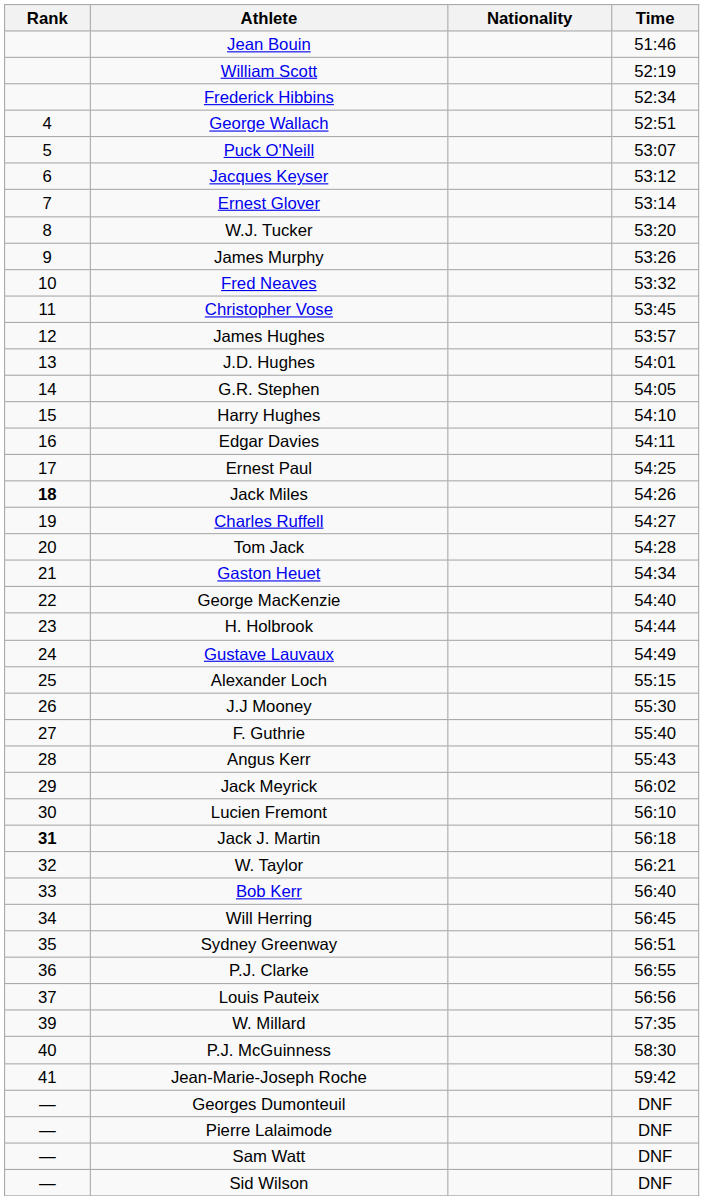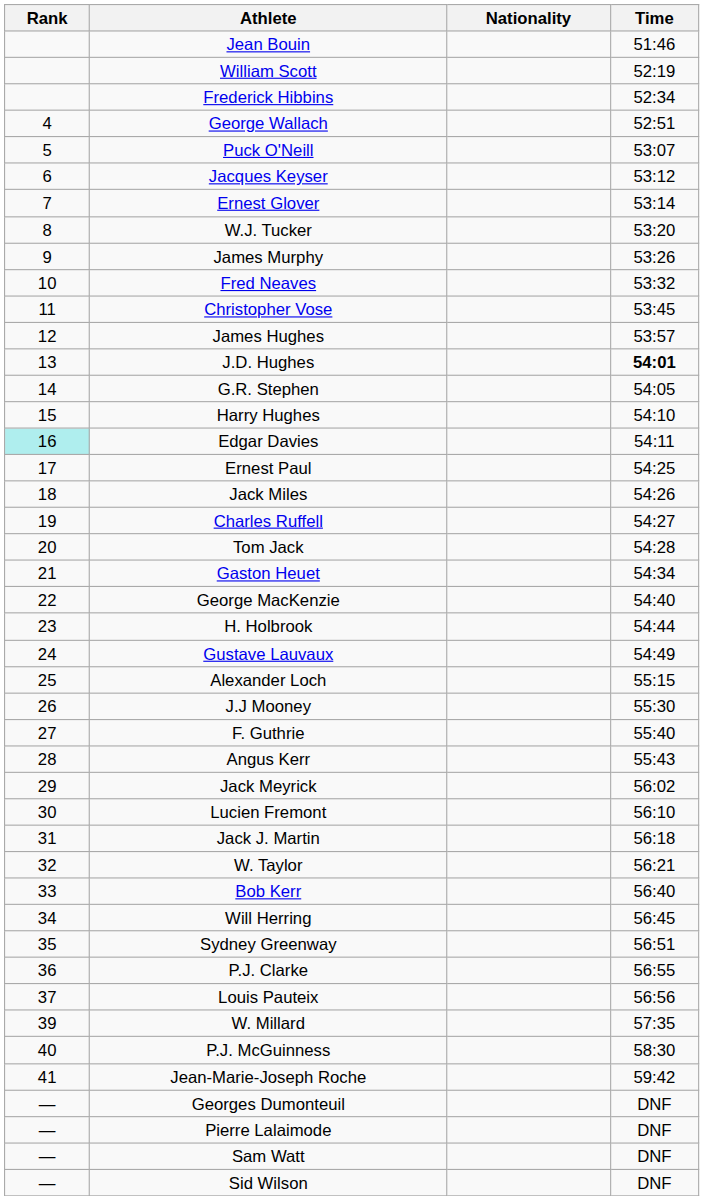 <table class="wikitable sortable" style=" text-align:center; font-size:95%;" width="50%">
 <tr>
 <th>Rank</th>
 <th>Athlete</th>
 <th>Nationality</th>
 <th>Time</th>
 </tr>
 <tr>
 <td align=center></td>
 <td><a href='#'>Jean Bouin</a></td>
 <td></td>
 <td>51:46</td>
 </tr>
 <tr>
 <td align=center></td>
 <td><a href='#'>William Scott</a></td>
 <td></td>
 <td>52:19</td>
 </tr>
 <tr>
 <td align=center></td>
 <td><a href='#'>Frederick Hibbins</a></td>
 <td></td>
 <td>52:34</td>
 </tr>
 <tr>
 <td align=center>4</td>
 <td><a href='#'>George Wallach</a></td>
 <td></td>
 <td>52:51</td>
 </tr>
 <tr>
 <td align=center>5</td>
 <td><a href='#'>Puck O'Neill</a></td>
 <td></td>
 <td>53:07</td>
 </tr>
 <tr>
 <td align=center>6</td>
 <td><a href='#'>Jacques Keyser</a></td>
 <td></td>
 <td>53:12</td>
 </tr>
 <tr>
 <td align=center>7</td>
 <td><a href='#'>Ernest Glover</a></td>
 <td></td>
 <td>53:14</td>
 </tr>
 <tr>
 <td align=center>8</td>
 <td>W.J. Tucker</td>
 <td></td>
 <td>53:20</td>
 </tr>
 <tr>
 <td align=center>9</td>
 <td>James Murphy</td>
 <td></td>
 <td>53:26</td>
 </tr>
 <tr>
 <td align=center>10</td>
 <td><a href='#'>Fred Neaves</a></td>
 <td></td>
 <td>53:32</td>
 </tr>
 <tr>
 <td align=center>11</td>
 <td><a href='#'>Christopher Vose</a></td>
 <td></td>
 <td>53:45</td>
 </tr>
 <tr>
 <td align=center>12</td>
 <td>James Hughes</td>
 <td></td>
 <td>53:57</td>
 </tr>
 <tr>
 <td align=center>13</td>
 <td>J.D. Hughes</td>
 <td></td>
-<td>54:01</td>
+<td><strong>54:01</strong></td>
 </tr>
 <tr>
 <td align=center>14</td>
 <td>G.R. Stephen</td>
 <td></td>
 <td>54:05</td>
 </tr>
 <tr>
 <td align=center>15</td>
 <td>Harry Hughes</td>
 <td></td>
 <td>54:10</td>
 </tr>
 <tr>
-<td align=center>16</td>
+<td align=center style="background: paleturquoise;">16</td>
 <td>Edgar Davies</td>
 <td></td>
 <td>54:11</td>
 </tr>
 <tr>
 <td align=center>17</td>
 <td>Ernest Paul</td>
 <td></td>
 <td>54:25</td>
 </tr>
 <tr>
-<td align=center><strong>18</strong></td>
+<td align=center>18</td>
 <td>Jack Miles</td>
 <td></td>
 <td>54:26</td>
 </tr>
 <tr>
 <td align=center>19</td>
 <td><a href='#'>Charles Ruffell</a></td>
 <td></td>
 <td>54:27</td>
 </tr>
 <tr>
 <td align=center>20</td>
 <td>Tom Jack</td>
 <td></td>
 <td>54:28</td>
 </tr>
 <tr>
 <td align=center>21</td>
 <td><a href='#'>Gaston Heuet</a></td>
 <td></td>
 <td>54:34</td>
 </tr>
 <tr>
 <td align=center>22</td>
 <td>George MacKenzie</td>
 <td></td>
 <td>54:40</td>
 </tr>
 <tr>
 <td align=center>23</td>
 <td>H. Holbrook</td>
 <td></td>
 <td>54:44</td>
 </tr>
 <tr>
 <td align=center>24</td>
 <td><a href='#'>Gustave Lauvaux</a></td>
 <td></td>
 <td>54:49</td>
 </tr>
 <tr>
 <td align=center>25</td>
 <td>Alexander Loch</td>
 <td></td>
 <td>55:15</td>
 </tr>
 <tr>
 <td align=center>26</td>
 <td>J.J Mooney</td>
 <td></td>
 <td>55:30</td>
 </tr>
 <tr>
 <td align=center>27</td>
 <td>F. Guthrie</td>
 <td></td>
 <td>55:40</td>
 </tr>
 <tr>
 <td align=center>28</td>
 <td>Angus Kerr</td>
 <td></td>
 <td>55:43</td>
 </tr>
 <tr>
 <td align=center>29</td>
 <td>Jack Meyrick</td>
 <td></td>
 <td>56:02</td>
 </tr>
 <tr>
 <td align=center>30</td>
 <td>Lucien Fremont</td>
 <td></td>
 <td>56:10</td>
 </tr>
 <tr>
-<td align=center><strong>31</strong></td>
+<td align=center>31</td>
 <td>Jack J. Martin</td>
 <td></td>
 <td>56:18</td>
 </tr>
 <tr>
 <td align=center>32</td>
 <td>W. Taylor</td>
 <td></td>
 <td>56:21</td>
 </tr>
 <tr>
 <td align=center>33</td>
 <td><a href='#'>Bob Kerr</a></td>
 <td></td>
 <td>56:40</td>
 </tr>
 <tr>
 <td align=center>34</td>
 <td>Will Herring</td>
 <td></td>
 <td>56:45</td>
 </tr>
 <tr>
 <td align=center>35</td>
 <td>Sydney Greenway</td>
 <td></td>
 <td>56:51</td>
 </tr>
 <tr>
 <td align=center>36</td>
 <td>P.J. Clarke</td>
 <td></td>
 <td>56:55</td>
 </tr>
 <tr>
 <td align=center>37</td>
 <td>Louis Pauteix</td>
 <td></td>
 <td>56:56</td>
 </tr>
 <tr>
 <td align=center>39</td>
 <td>W. Millard</td>
 <td></td>
 <td>57:35</td>
 </tr>
 <tr>
 <td align=center>40</td>
 <td>P.J. McGuinness</td>
 <td></td>
 <td>58:30</td>
 </tr>
 <tr>
 <td align=center>41</td>
 <td>Jean-Marie-Joseph Roche</td>
 <td></td>
 <td>59:42</td>
 </tr>
 <tr>
 <td align=center>—</td>
 <td>Georges Dumonteuil</td>
 <td></td>
 <td>DNF</td>
 </tr>
 <tr>
 <td align=center>—</td>
 <td>Pierre Lalaimode</td>
 <td></td>
 <td>DNF</td>
 </tr>
 <tr>
 <td align=center>—</td>
 <td>Sam Watt</td>
 <td></td>
 <td>DNF</td>
 </tr>
 <tr>
 <td align=center>—</td>
 <td>Sid Wilson</td>
 <td></td>
 <td>DNF</td>
 </tr>
 </table>
